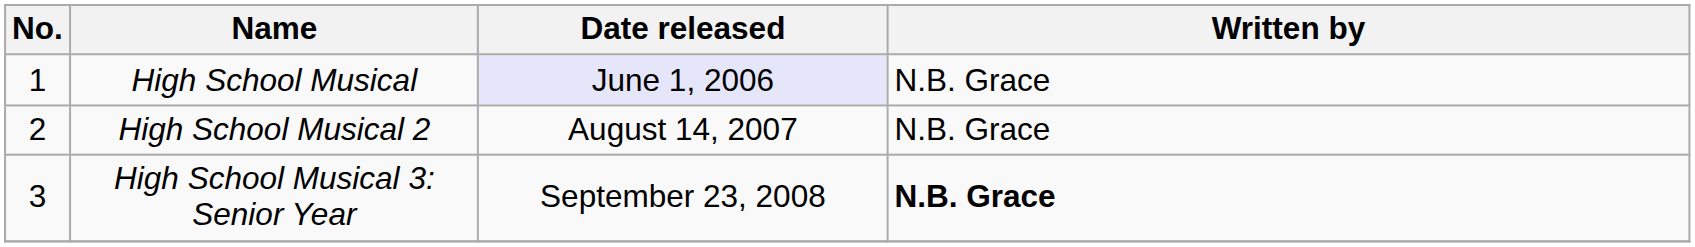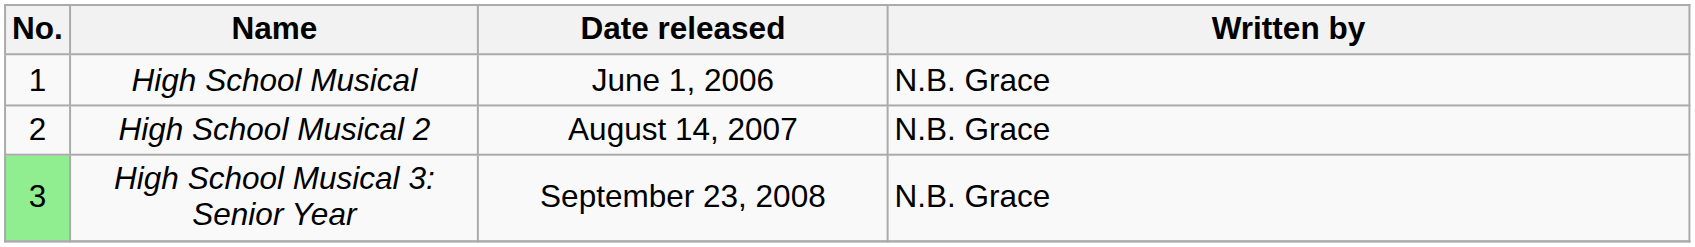 <table class="wikitable" border="1" style="margin: 1em auto 1em auto;">
 <tr>
 <th style="background:" width = "20px">No.</th>
 <th style="background:" width = "200px">Name</th>
 <th style="background:" width = "200px">Date released</th>
 <th style="background:" width = "400px">Written by</th>
 </tr>
 <tr>
 <td align = center>1</td>
 <td align = center><em>High School Musical</em></td>
-<td align = center style="background: lavender;">June 1, 2006</td>
+<td align = center>June 1, 2006</td>
 <td>N.B. Grace</td>
 </tr>
 <tr>
 <td align = center>2</td>
 <td align = center><em>High School Musical 2</em></td>
 <td align = center>August 14, 2007</td>
 <td>N.B. Grace</td>
 </tr>
 <tr>
-<td align = center>3</td>
+<td align = center style="background: lightgreen;">3</td>
 <td align = center><em>High School Musical 3: Senior Year</em></td>
 <td align = center>September 23, 2008</td>
-<td><strong>N.B. Grace</strong></td>
+<td>N.B. Grace</td>
 </tr>
 <tr>
 </tr>
 </table>
